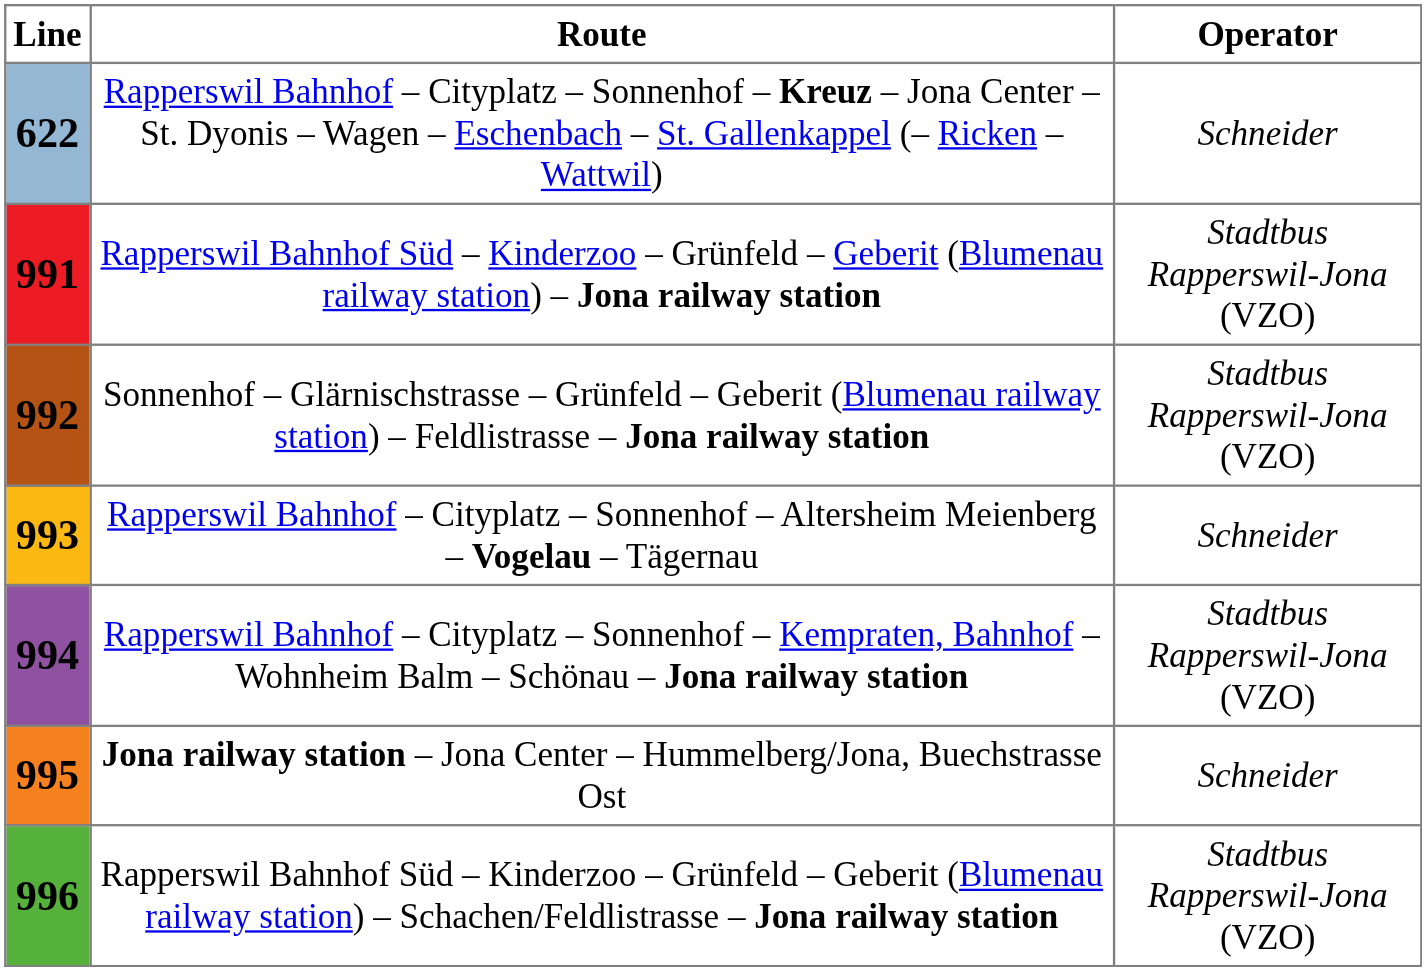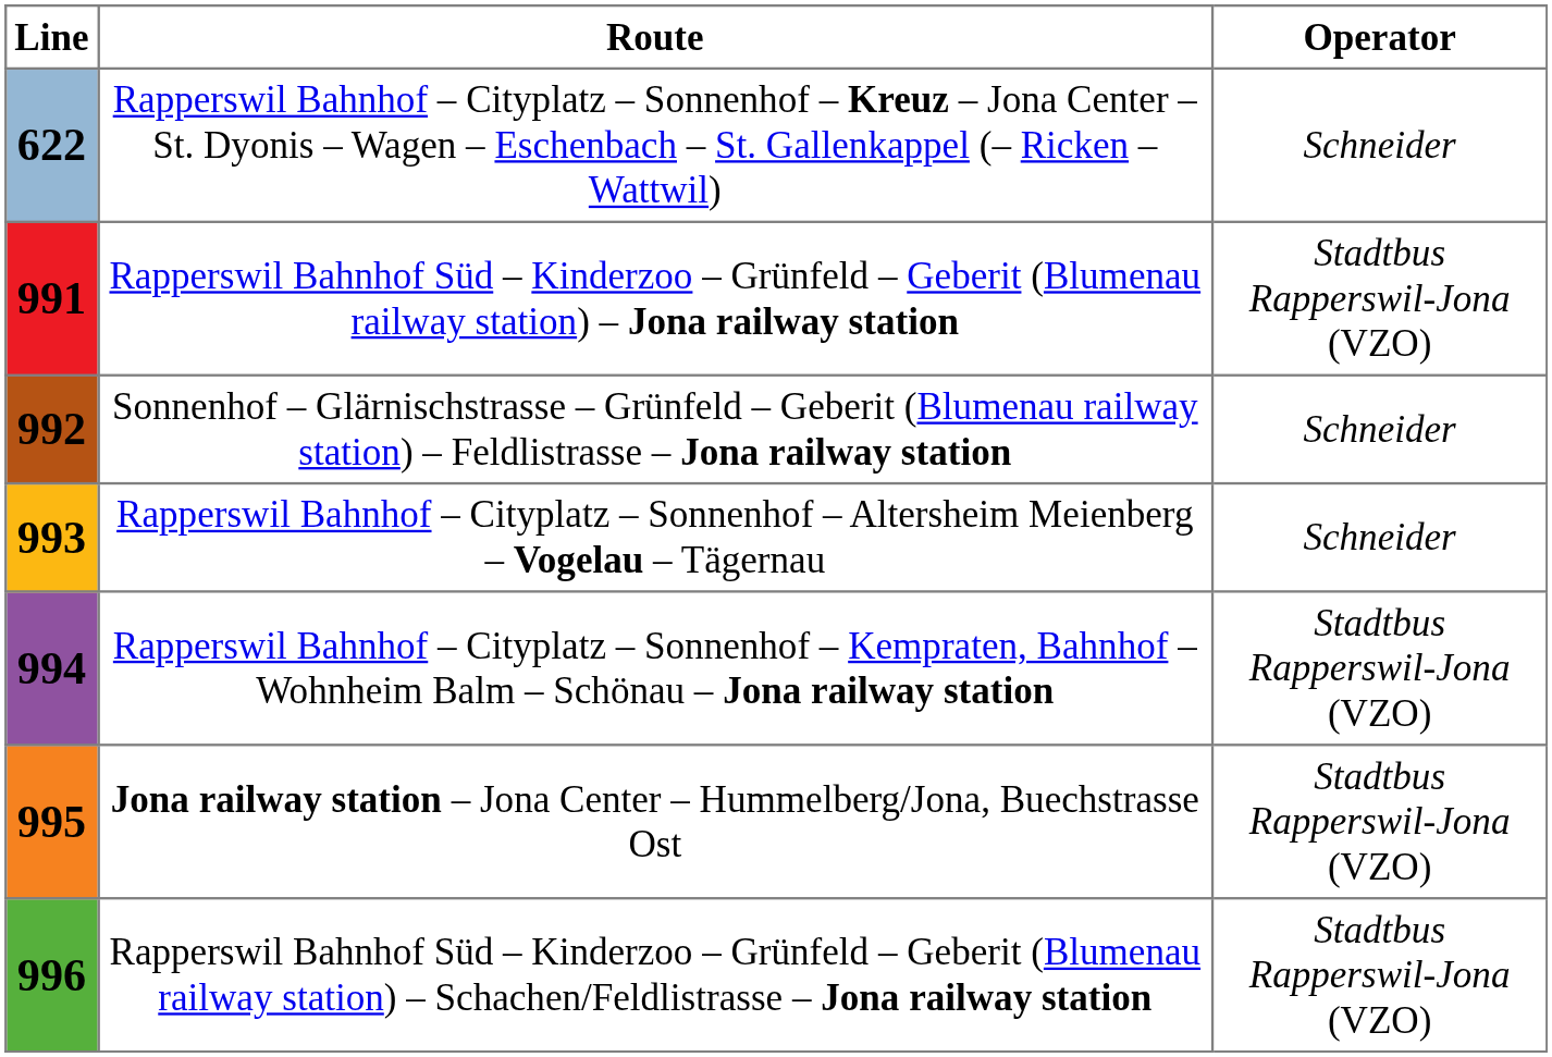 <table border="1" cellspacing="0" cellpadding="3" style="border-collapse:collapse; font-size:95%; margin-left:10px; margin-bottom:5px;">
 <tr>
 <th>Line</th>
 <th>Route</th>
 <th>Operator</th>
 </tr>
 <tr align=center>
 <td bgcolor=#94b7d4><span><big><strong>622</strong></big></span></td>
 <td><a href='#'>Rapperswil Bahnhof</a> – Cityplatz – Sonnenhof – <strong>Kreuz</strong> – Jona Center – St. Dyonis – Wagen – <a href='#'>Eschenbach</a> – <a href='#'>St. Gallenkappel</a> (– <a href='#'>Ricken</a> – <a href='#'>Wattwil</a>)</td>
 <td><em>Schneider</em></td>
 </tr>
 <tr align=center>
 <td bgcolor=#ed1b24><span><big><strong>991</strong></big></span></td>
 <td><a href='#'>Rapperswil Bahnhof Süd</a> – <a href='#'>Kinderzoo</a> – Grünfeld – <a href='#'>Geberit</a> (<a href='#'>Blumenau railway station</a>) – <strong>Jona railway station</strong></td>
 <td><em>Stadtbus Rapperswil-Jona</em> (VZO)</td>
 </tr>
 <tr align=center>
 <td bgcolor=#b55314><span><big><strong>992</strong></big></span></td>
 <td>Sonnenhof – Glärnischstrasse – Grünfeld – Geberit (<a href='#'>Blumenau railway station</a>) – Feldlistrasse – <strong>Jona railway station</strong></td>
-<td><em>Stadtbus Rapperswil-Jona</em> (VZO)</td>
+<td><em>Schneider</em></td>
 </tr>
 <tr align=center>
 <td bgcolor=#fcb812><span><big><strong>993</strong></big></span></td>
 <td><a href='#'>Rapperswil Bahnhof</a> – Cityplatz – Sonnenhof – Altersheim Meienberg – <strong>Vogelau</strong> – Tägernau</td>
 <td><em>Schneider</em></td>
 </tr>
 <tr align=center>
 <td bgcolor=#8f52a0><span><big><strong>994</strong></big></span></td>
 <td><a href='#'>Rapperswil Bahnhof</a> – Cityplatz – Sonnenhof – <a href='#'>Kempraten, Bahnhof</a> – Wohnheim Balm – Schönau – <strong>Jona railway station</strong></td>
 <td><em>Stadtbus Rapperswil-Jona</em> (VZO)</td>
 </tr>
 <tr align=center>
 <td bgcolor=#f6821f><span><big><strong>995</strong></big></span></td>
 <td><strong>Jona railway station</strong> – Jona Center – Hummelberg/Jona, Buechstrasse Ost</td>
-<td><em>Schneider</em></td>
+<td><em>Stadtbus Rapperswil-Jona</em> (VZO)</td>
 </tr>
 <tr align=center>
 <td bgcolor=#56b03c><span><big><strong>996</strong></big></span></td>
 <td>Rapperswil Bahnhof Süd – Kinderzoo – Grünfeld – Geberit (<a href='#'>Blumenau railway station</a>) – Schachen/Feldlistrasse – <strong>Jona railway station</strong></td>
 <td><em>Stadtbus Rapperswil-Jona</em> (VZO)</td>
 </tr>
 </table>
